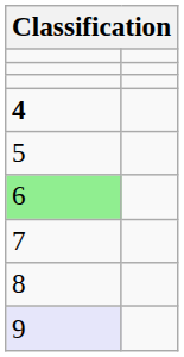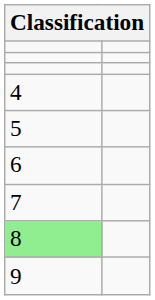 <table class="wikitable" font-size: 90%;>
 <tr>
 <th colspan=2>Classification</th>
 </tr>
 <tr valign="top">
 <td></td>
 <td></td>
 </tr>
 <tr>
 <td></td>
 <td></td>
 </tr>
 <tr>
 <td></td>
 <td></td>
 </tr>
 <tr>
-<td><strong>4</strong></td>
+<td>4</td>
 <td></td>
 </tr>
 <tr>
 <td>5</td>
 <td></td>
 </tr>
 <tr>
-<td style="background: lightgreen;">6</td>
+<td>6</td>
 <td></td>
 </tr>
 <tr>
 <td>7</td>
 <td></td>
 </tr>
 <tr>
-<td>8</td>
+<td style="background: lightgreen;">8</td>
 <td></td>
 </tr>
 <tr>
-<td style="background: lavender;">9</td>
+<td>9</td>
 <td></td>
 </tr>
 </table>
